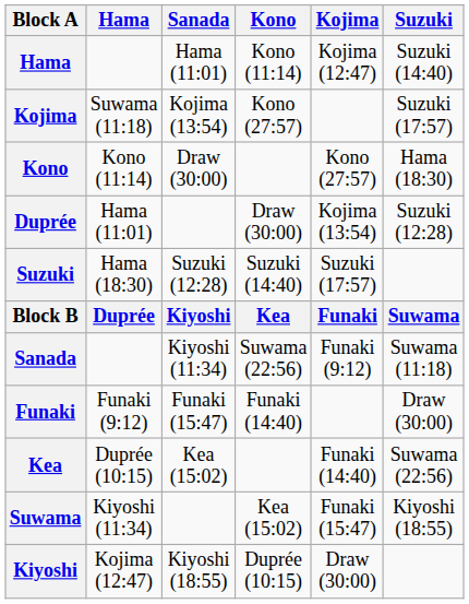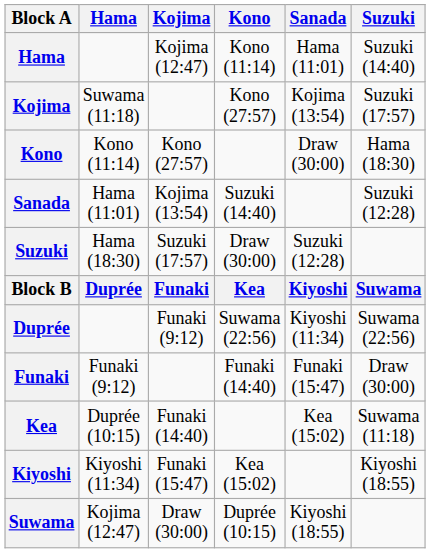 <table class="wikitable" style="margin: 1em auto 1em auto; text-align:center;">
 <tr>
 <th>Block A</th>
 <th><a href='#'>Hama</a></th>
+<th><a href='#'>Kojima</a></th>
+<th><a href='#'>Kono</a></th>
 <th><a href='#'>Sanada</a></th>
-<th><a href='#'>Kono</a></th>
-<th><a href='#'>Kojima</a></th>
 <th><a href='#'>Suzuki</a></th>
 </tr>
 <tr>
 <th><a href='#'>Hama</a></th>
 <td></td>
+<td>Kojima<br>(12:47)</td>
+<td>Kono<br>(11:14)</td>
 <td>Hama<br>(11:01)</td>
-<td>Kono<br>(11:14)</td>
-<td>Kojima<br>(12:47)</td>
 <td>Suzuki<br>(14:40)</td>
 </tr>
 <tr>
 <th><a href='#'>Kojima</a></th>
 <td>Suwama<br>(11:18)</td>
+<td></td>
+<td>Kono<br>(27:57)</td>
 <td>Kojima<br>(13:54)</td>
-<td>Kono<br>(27:57)</td>
-<td></td>
 <td>Suzuki<br>(17:57)</td>
 </tr>
 <tr>
 <th><a href='#'>Kono</a></th>
 <td>Kono<br>(11:14)</td>
+<td>Kono<br>(27:57)</td>
+<td></td>
 <td>Draw<br>(30:00)</td>
-<td></td>
-<td>Kono<br>(27:57)</td>
 <td>Hama<br>(18:30)</td>
 </tr>
 <tr>
-<th><a href='#'>Duprée</a></th>
+<th><a href='#'>Sanada</a></th>
 <td>Hama<br>(11:01)</td>
+<td>Kojima<br>(13:54)</td>
+<td>Suzuki<br>(14:40)</td>
 <td></td>
-<td>Draw<br>(30:00)</td>
-<td>Kojima<br>(13:54)</td>
 <td>Suzuki<br>(12:28)</td>
 </tr>
 <tr>
 <th><a href='#'>Suzuki</a></th>
 <td>Hama<br>(18:30)</td>
+<td>Suzuki<br>(17:57)</td>
+<td>Draw<br>(30:00)</td>
 <td>Suzuki<br>(12:28)</td>
-<td>Suzuki<br>(14:40)</td>
-<td>Suzuki<br>(17:57)</td>
 <td></td>
 </tr>
 <tr>
 <th>Block B</th>
 <th><a href='#'>Duprée</a></th>
+<th><a href='#'>Funaki</a></th>
+<th><a href='#'>Kea</a></th>
 <th><a href='#'>Kiyoshi</a></th>
-<th><a href='#'>Kea</a></th>
-<th><a href='#'>Funaki</a></th>
 <th><a href='#'>Suwama</a></th>
 </tr>
 <tr>
-<th><a href='#'>Sanada</a></th>
+<th><a href='#'>Duprée</a></th>
 <td></td>
+<td>Funaki<br>(9:12)</td>
+<td>Suwama<br>(22:56)</td>
 <td>Kiyoshi<br>(11:34)</td>
 <td>Suwama<br>(22:56)</td>
-<td>Funaki<br>(9:12)</td>
-<td>Suwama<br>(11:18)</td>
 </tr>
 <tr>
 <th><a href='#'>Funaki</a></th>
 <td>Funaki<br>(9:12)</td>
+<td></td>
+<td>Funaki<br>(14:40)</td>
 <td>Funaki<br>(15:47)</td>
-<td>Funaki<br>(14:40)</td>
-<td></td>
 <td>Draw<br>(30:00)</td>
 </tr>
 <tr>
 <th><a href='#'>Kea</a></th>
 <td>Duprée<br>(10:15)</td>
+<td>Funaki<br>(14:40)</td>
+<td></td>
+<td>Kea<br>(15:02)</td>
+<td>Suwama<br>(11:18)</td>
+</tr>
+<tr>
+<th><a href='#'>Kiyoshi</a></th>
+<td>Kiyoshi<br>(11:34)</td>
+<td>Funaki<br>(15:47)</td>
 <td>Kea<br>(15:02)</td>
 <td></td>
-<td>Funaki<br>(14:40)</td>
-<td>Suwama<br>(22:56)</td>
+<td>Kiyoshi<br>(18:55)</td>
 </tr>
 <tr>
 <th><a href='#'>Suwama</a></th>
-<td>Kiyoshi<br>(11:34)</td>
-<td></td>
-<td>Kea<br>(15:02)</td>
-<td>Funaki<br>(15:47)</td>
+<td>Kojima<br>(12:47)</td>
+<td>Draw<br>(30:00)</td>
+<td>Duprée<br>(10:15)</td>
 <td>Kiyoshi<br>(18:55)</td>
-</tr>
-<tr>
-<th><a href='#'>Kiyoshi</a></th>
-<td>Kojima<br>(12:47)</td>
-<td>Kiyoshi<br>(18:55)</td>
-<td>Duprée<br>(10:15)</td>
-<td>Draw<br>(30:00)</td>
 <td></td>
 </tr>
 </table>
